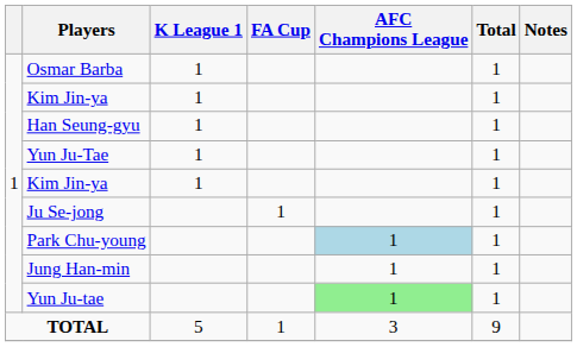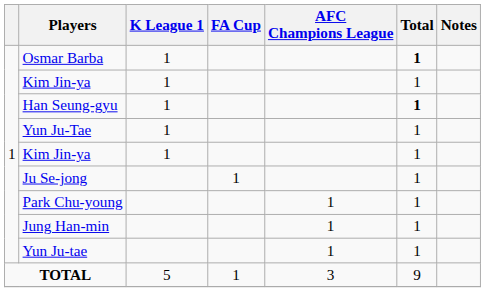 <table class="wikitable" style="text-align:center">
 <tr>
 <th></th>
 <th>Players</th>
 <th><a href='#'>K League 1</a></th>
 <th><a href='#'>FA Cup</a></th>
 <th><a href='#'>AFC<br>Champions League</a></th>
 <th>Total</th>
 <th>Notes</th>
 </tr>
 <tr>
 <td rowspan=9>1</td>
 <td align=left> <a href='#'>Osmar Barba</a></td>
 <td>1</td>
 <td></td>
 <td></td>
-<td>1</td>
+<td><strong>1</strong></td>
 <td></td>
 </tr>
 <tr>
 <td align=left> <a href='#'>Kim Jin-ya</a></td>
 <td>1</td>
 <td></td>
 <td></td>
 <td>1</td>
 <td></td>
 </tr>
 <tr>
 <td align=left> <a href='#'>Han Seung-gyu</a></td>
 <td>1</td>
 <td></td>
 <td></td>
-<td>1</td>
+<td><strong>1</strong></td>
 <td></td>
 </tr>
 <tr>
 <td align=left> <a href='#'>Yun Ju-Tae</a></td>
 <td>1</td>
 <td></td>
 <td></td>
 <td>1</td>
 <td></td>
 </tr>
 <tr>
 <td align=left> <a href='#'>Kim Jin-ya</a></td>
 <td>1</td>
 <td></td>
 <td></td>
 <td>1</td>
 <td></td>
 </tr>
 <tr>
 <td align=left> <a href='#'>Ju Se-jong</a></td>
 <td></td>
 <td>1</td>
 <td></td>
 <td>1</td>
 <td></td>
 </tr>
 <tr>
 <td align=left> <a href='#'>Park Chu-young</a></td>
 <td></td>
 <td></td>
-<td style="background: lightblue;">1</td>
+<td>1</td>
 <td>1</td>
 <td></td>
 </tr>
 <tr>
 <td align=left> <a href='#'>Jung Han-min</a></td>
 <td></td>
 <td></td>
 <td>1</td>
 <td>1</td>
 <td></td>
 </tr>
 <tr>
 <td align=left> <a href='#'>Yun Ju-tae</a></td>
 <td></td>
 <td></td>
-<td style="background: lightgreen;">1</td>
+<td>1</td>
 <td>1</td>
 <td></td>
 </tr>
 <tr>
 <td colspan="2"><strong>TOTAL</strong></td>
 <td>5</td>
 <td>1</td>
 <td>3</td>
 <td>9</td>
 <td></td>
 </tr>
 <tr>
 </tr>
 </table>
